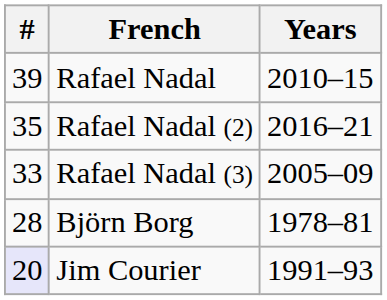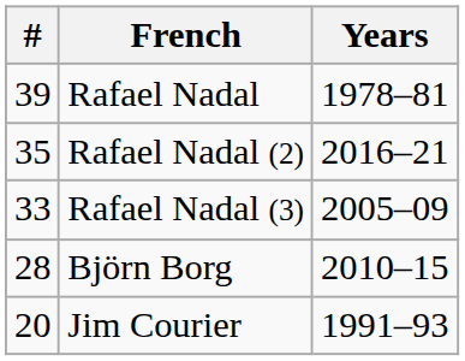 <table class=wikitable style="display:inline-table;">
 <tr>
 <th>#</th>
 <th>French</th>
 <th>Years</th>
 </tr>
 <tr>
 <td>39</td>
 <td> Rafael Nadal</td>
-<td>2010–15</td>
+<td>1978–81</td>
 </tr>
 <tr>
 <td>35</td>
 <td> Rafael Nadal <small>(2)</small></td>
 <td>2016–21</td>
 </tr>
 <tr>
 <td>33</td>
 <td> Rafael Nadal <small>(3)</small></td>
 <td>2005–09</td>
 </tr>
 <tr>
 <td>28</td>
 <td> Björn Borg</td>
-<td>1978–81</td>
+<td>2010–15</td>
 </tr>
 <tr>
-<td style="background: lavender;">20</td>
+<td>20</td>
 <td> Jim Courier</td>
 <td>1991–93</td>
 </tr>
 </table>
